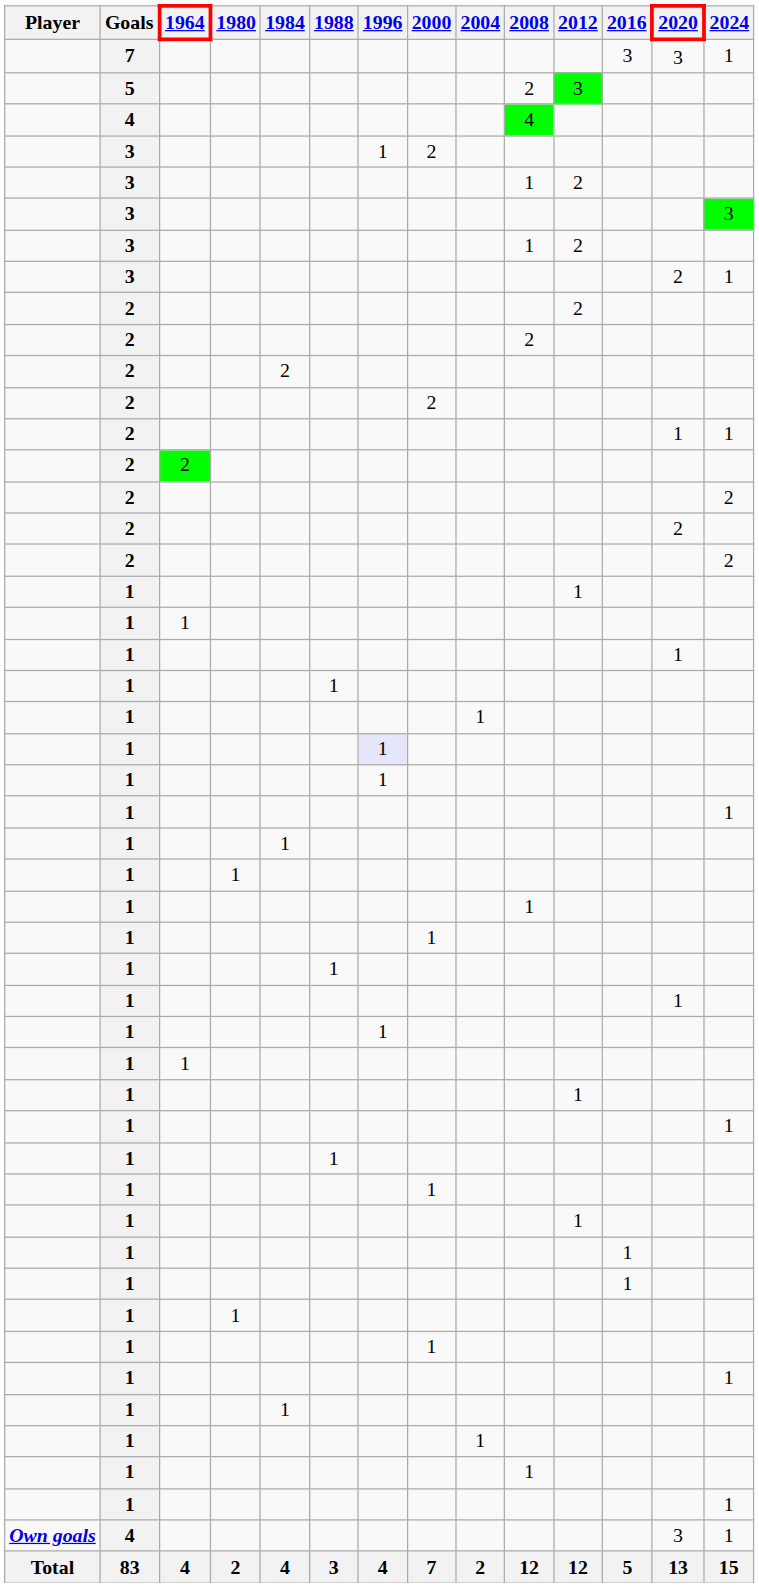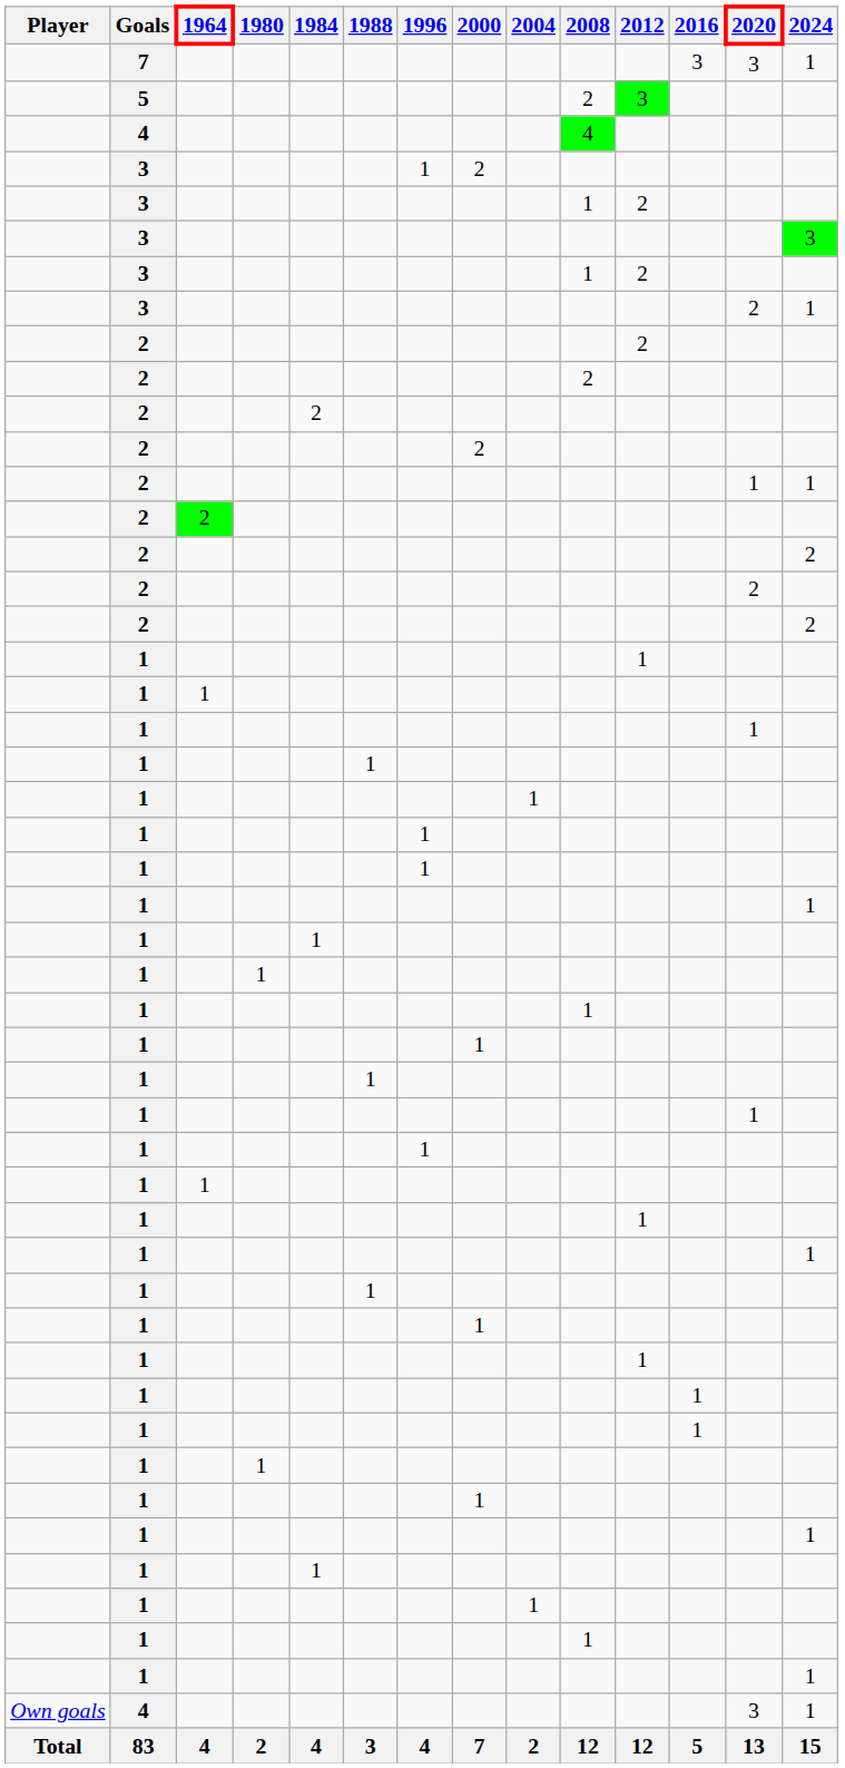 <table class="wikitable sortable" style="text-align:center;">
 <tr>
 <th>Player</th>
 <th>Goals</th>
 <th style="border:3px solid red"><a href='#'>1964</a></th>
 <th><a href='#'>1980</a></th>
 <th><a href='#'>1984</a></th>
 <th><a href='#'>1988</a></th>
 <th><a href='#'>1996</a></th>
 <th><a href='#'>2000</a></th>
 <th><a href='#'>2004</a></th>
 <th><a href='#'>2008</a></th>
 <th><a href='#'>2012</a></th>
 <th><a href='#'>2016</a></th>
 <th style="border:3px solid red"><a href='#'>2020</a></th>
 <th><a href='#'>2024</a></th>
 </tr>
 <tr>
 <td align="left"></td>
 <th>7</th>
 <td></td>
 <td></td>
 <td></td>
 <td></td>
 <td></td>
 <td></td>
 <td></td>
 <td></td>
 <td></td>
 <td>3</td>
 <td>3</td>
 <td>1</td>
 </tr>
 <tr>
 <td align="left"></td>
 <th>5</th>
 <td></td>
 <td></td>
 <td></td>
 <td></td>
 <td></td>
 <td></td>
 <td></td>
 <td>2</td>
 <td style="background:#00FF00">3</td>
 <td></td>
 <td></td>
 <td></td>
 </tr>
 <tr>
 <td align="left"></td>
 <th>4</th>
 <td></td>
 <td></td>
 <td></td>
 <td></td>
 <td></td>
 <td></td>
 <td></td>
 <td style="background:#00FF00">4</td>
 <td></td>
 <td></td>
 <td></td>
 <td></td>
 </tr>
 <tr>
 <td align="left"></td>
 <th>3</th>
 <td></td>
 <td></td>
 <td></td>
 <td></td>
 <td>1</td>
 <td>2</td>
 <td></td>
 <td></td>
 <td></td>
 <td></td>
 <td></td>
 <td></td>
 </tr>
 <tr>
 <td align="left"></td>
 <th>3</th>
 <td></td>
 <td></td>
 <td></td>
 <td></td>
 <td></td>
 <td></td>
 <td></td>
 <td>1</td>
 <td>2</td>
 <td></td>
 <td></td>
 <td></td>
 </tr>
 <tr>
 <td align="left"></td>
 <th>3</th>
 <td></td>
 <td></td>
 <td></td>
 <td></td>
 <td></td>
 <td></td>
 <td></td>
 <td></td>
 <td></td>
 <td></td>
 <td></td>
 <td style="background:#00FF00">3</td>
 </tr>
 <tr>
 <td align="left"></td>
 <th>3</th>
 <td></td>
 <td></td>
 <td></td>
 <td></td>
 <td></td>
 <td></td>
 <td></td>
 <td>1</td>
 <td>2</td>
 <td></td>
 <td></td>
 <td></td>
 </tr>
 <tr>
 <td align="left"></td>
 <th>3</th>
 <td></td>
 <td></td>
 <td></td>
 <td></td>
 <td></td>
 <td></td>
 <td></td>
 <td></td>
 <td></td>
 <td></td>
 <td>2</td>
 <td>1</td>
 </tr>
 <tr>
 <td align="left"></td>
 <th>2</th>
 <td></td>
 <td></td>
 <td></td>
 <td></td>
 <td></td>
 <td></td>
 <td></td>
 <td></td>
 <td>2</td>
 <td></td>
 <td></td>
 <td></td>
 </tr>
 <tr>
 <td align="left"></td>
 <th>2</th>
 <td></td>
 <td></td>
 <td></td>
 <td></td>
 <td></td>
 <td></td>
 <td></td>
 <td>2</td>
 <td></td>
 <td></td>
 <td></td>
 <td></td>
 </tr>
 <tr>
 <td align="left"></td>
 <th>2</th>
 <td></td>
 <td></td>
 <td>2</td>
 <td></td>
 <td></td>
 <td></td>
 <td></td>
 <td></td>
 <td></td>
 <td></td>
 <td></td>
 <td></td>
 </tr>
 <tr>
 <td align="left"></td>
 <th>2</th>
 <td></td>
 <td></td>
 <td></td>
 <td></td>
 <td></td>
 <td>2</td>
 <td></td>
 <td></td>
 <td></td>
 <td></td>
 <td></td>
 <td></td>
 </tr>
 <tr>
 <td align="left"></td>
 <th>2</th>
 <td></td>
 <td></td>
 <td></td>
 <td></td>
 <td></td>
 <td></td>
 <td></td>
 <td></td>
 <td></td>
 <td></td>
 <td>1</td>
 <td>1</td>
 </tr>
 <tr>
 <td align="left"></td>
 <th>2</th>
 <td style="background:#00FF00">2</td>
 <td></td>
 <td></td>
 <td></td>
 <td></td>
 <td></td>
 <td></td>
 <td></td>
 <td></td>
 <td></td>
 <td></td>
 <td></td>
 </tr>
 <tr>
 <td align="left"></td>
 <th>2</th>
 <td></td>
 <td></td>
 <td></td>
 <td></td>
 <td></td>
 <td></td>
 <td></td>
 <td></td>
 <td></td>
 <td></td>
 <td></td>
 <td>2</td>
 </tr>
 <tr>
 <td align="left"></td>
 <th>2</th>
 <td></td>
 <td></td>
 <td></td>
 <td></td>
 <td></td>
 <td></td>
 <td></td>
 <td></td>
 <td></td>
 <td></td>
 <td>2</td>
 <td></td>
 </tr>
 <tr>
 <td align="left"></td>
 <th>2</th>
 <td></td>
 <td></td>
 <td></td>
 <td></td>
 <td></td>
 <td></td>
 <td></td>
 <td></td>
 <td></td>
 <td></td>
 <td></td>
 <td>2</td>
 </tr>
 <tr>
 <td align="left"></td>
 <th>1</th>
 <td></td>
 <td></td>
 <td></td>
 <td></td>
 <td></td>
 <td></td>
 <td></td>
 <td></td>
 <td>1</td>
 <td></td>
 <td></td>
 <td></td>
 </tr>
 <tr>
 <td align="left"></td>
 <th>1</th>
 <td>1</td>
 <td></td>
 <td></td>
 <td></td>
 <td></td>
 <td></td>
 <td></td>
 <td></td>
 <td></td>
 <td></td>
 <td></td>
 <td></td>
 </tr>
 <tr>
 <td align="left"></td>
 <th>1</th>
 <td></td>
 <td></td>
 <td></td>
 <td></td>
 <td></td>
 <td></td>
 <td></td>
 <td></td>
 <td></td>
 <td></td>
 <td>1</td>
 <td></td>
 </tr>
 <tr>
 <td align="left"></td>
 <th>1</th>
 <td></td>
 <td></td>
 <td></td>
 <td>1</td>
 <td></td>
 <td></td>
 <td></td>
 <td></td>
 <td></td>
 <td></td>
 <td></td>
 <td></td>
 </tr>
 <tr>
 <td align="left"></td>
 <th>1</th>
 <td></td>
 <td></td>
 <td></td>
 <td></td>
 <td></td>
 <td></td>
 <td>1</td>
 <td></td>
 <td></td>
 <td></td>
 <td></td>
 <td></td>
 </tr>
 <tr>
 <td align="left"></td>
 <th>1</th>
 <td></td>
 <td></td>
 <td></td>
 <td></td>
-<td style="background: lavender;">1</td>
+<td>1</td>
 <td></td>
 <td></td>
 <td></td>
 <td></td>
 <td></td>
 <td></td>
 <td></td>
 </tr>
 <tr>
 <td align="left"></td>
 <th>1</th>
 <td></td>
 <td></td>
 <td></td>
 <td></td>
 <td>1</td>
 <td></td>
 <td></td>
 <td></td>
 <td></td>
 <td></td>
 <td></td>
 <td></td>
 </tr>
 <tr>
 <td align="left"></td>
 <th>1</th>
 <td></td>
 <td></td>
 <td></td>
 <td></td>
 <td></td>
 <td></td>
 <td></td>
 <td></td>
 <td></td>
 <td></td>
 <td></td>
 <td>1</td>
 </tr>
 <tr>
 <td align="left"></td>
 <th>1</th>
 <td></td>
 <td></td>
 <td>1</td>
 <td></td>
 <td></td>
 <td></td>
 <td></td>
 <td></td>
 <td></td>
 <td></td>
 <td></td>
 <td></td>
 </tr>
 <tr>
 <td align="left"></td>
 <th>1</th>
 <td></td>
 <td>1</td>
 <td></td>
 <td></td>
 <td></td>
 <td></td>
 <td></td>
 <td></td>
 <td></td>
 <td></td>
 <td></td>
 <td></td>
 </tr>
 <tr>
 <td align="left"></td>
 <th>1</th>
 <td></td>
 <td></td>
 <td></td>
 <td></td>
 <td></td>
 <td></td>
 <td></td>
 <td>1</td>
 <td></td>
 <td></td>
 <td></td>
 <td></td>
 </tr>
 <tr>
 <td align="left"></td>
 <th>1</th>
 <td></td>
 <td></td>
 <td></td>
 <td></td>
 <td></td>
 <td>1</td>
 <td></td>
 <td></td>
 <td></td>
 <td></td>
 <td></td>
 <td></td>
 </tr>
 <tr>
 <td align="left"></td>
 <th>1</th>
 <td></td>
 <td></td>
 <td></td>
 <td>1</td>
 <td></td>
 <td></td>
 <td></td>
 <td></td>
 <td></td>
 <td></td>
 <td></td>
 <td></td>
 </tr>
 <tr>
 <td align="left"></td>
 <th>1</th>
 <td></td>
 <td></td>
 <td></td>
 <td></td>
 <td></td>
 <td></td>
 <td></td>
 <td></td>
 <td></td>
 <td></td>
 <td>1</td>
 <td></td>
 </tr>
 <tr>
 <td align="left"></td>
 <th>1</th>
 <td></td>
 <td></td>
 <td></td>
 <td></td>
 <td>1</td>
 <td></td>
 <td></td>
 <td></td>
 <td></td>
 <td></td>
 <td></td>
 <td></td>
 </tr>
 <tr>
 <td align="left"></td>
 <th>1</th>
 <td>1</td>
 <td></td>
 <td></td>
 <td></td>
 <td></td>
 <td></td>
 <td></td>
 <td></td>
 <td></td>
 <td></td>
 <td></td>
 <td></td>
 </tr>
 <tr>
 <td align="left"></td>
 <th>1</th>
 <td></td>
 <td></td>
 <td></td>
 <td></td>
 <td></td>
 <td></td>
 <td></td>
 <td></td>
 <td>1</td>
 <td></td>
 <td></td>
 <td></td>
 </tr>
 <tr>
 <td align="left"></td>
 <th>1</th>
 <td></td>
 <td></td>
 <td></td>
 <td></td>
 <td></td>
 <td></td>
 <td></td>
 <td></td>
 <td></td>
 <td></td>
 <td></td>
 <td>1</td>
 </tr>
 <tr>
 <td align="left"></td>
 <th>1</th>
 <td></td>
 <td></td>
 <td></td>
 <td>1</td>
 <td></td>
 <td></td>
 <td></td>
 <td></td>
 <td></td>
 <td></td>
 <td></td>
 <td></td>
 </tr>
 <tr>
 <td align="left"></td>
 <th>1</th>
 <td></td>
 <td></td>
 <td></td>
 <td></td>
 <td></td>
 <td>1</td>
 <td></td>
 <td></td>
 <td></td>
 <td></td>
 <td></td>
 <td></td>
 </tr>
 <tr>
 <td align="left"></td>
 <th>1</th>
 <td></td>
 <td></td>
 <td></td>
 <td></td>
 <td></td>
 <td></td>
 <td></td>
 <td></td>
 <td>1</td>
 <td></td>
 <td></td>
 <td></td>
 </tr>
 <tr>
 <td align="left"></td>
 <th>1</th>
 <td></td>
 <td></td>
 <td></td>
 <td></td>
 <td></td>
 <td></td>
 <td></td>
 <td></td>
 <td></td>
 <td>1</td>
 <td></td>
 <td></td>
 </tr>
 <tr>
 <td align="left"></td>
 <th>1</th>
 <td></td>
 <td></td>
 <td></td>
 <td></td>
 <td></td>
 <td></td>
 <td></td>
 <td></td>
 <td></td>
 <td>1</td>
 <td></td>
 <td></td>
 </tr>
 <tr>
 <td align="left"></td>
 <th>1</th>
 <td></td>
 <td>1</td>
 <td></td>
 <td></td>
 <td></td>
 <td></td>
 <td></td>
 <td></td>
 <td></td>
 <td></td>
 <td></td>
 <td></td>
 </tr>
 <tr>
 <td align="left"></td>
 <th>1</th>
 <td></td>
 <td></td>
 <td></td>
 <td></td>
 <td></td>
 <td>1</td>
 <td></td>
 <td></td>
 <td></td>
 <td></td>
 <td></td>
 <td></td>
 </tr>
 <tr>
 <td align="left"></td>
 <th>1</th>
 <td></td>
 <td></td>
 <td></td>
 <td></td>
 <td></td>
 <td></td>
 <td></td>
 <td></td>
 <td></td>
 <td></td>
 <td></td>
 <td>1</td>
 </tr>
 <tr>
 <td align="left"></td>
 <th>1</th>
 <td></td>
 <td></td>
 <td>1</td>
 <td></td>
 <td></td>
 <td></td>
 <td></td>
 <td></td>
 <td></td>
 <td></td>
 <td></td>
 <td></td>
 </tr>
 <tr>
 <td align="left"></td>
 <th>1</th>
 <td></td>
 <td></td>
 <td></td>
 <td></td>
 <td></td>
 <td></td>
 <td>1</td>
 <td></td>
 <td></td>
 <td></td>
 <td></td>
 <td></td>
 </tr>
 <tr>
 <td align="left"></td>
 <th>1</th>
 <td></td>
 <td></td>
 <td></td>
 <td></td>
 <td></td>
 <td></td>
 <td></td>
 <td>1</td>
 <td></td>
 <td></td>
 <td></td>
 <td></td>
 </tr>
 <tr>
 <td align="left"></td>
 <th>1</th>
 <td></td>
 <td></td>
 <td></td>
 <td></td>
 <td></td>
 <td></td>
 <td></td>
 <td></td>
 <td></td>
 <td></td>
 <td></td>
 <td>1</td>
 </tr>
 <tr>
-<td align="left"><strong><em><a href='#'>Own goals</a></em></strong></td>
+<td align="left"><em><a href='#'>Own goals</a></em></td>
 <th>4</th>
 <td></td>
 <td></td>
 <td></td>
 <td></td>
 <td></td>
 <td></td>
 <td></td>
 <td></td>
 <td></td>
 <td></td>
 <td>3</td>
 <td>1</td>
 </tr>
 <tr class="sortbottom">
 <th>Total</th>
 <th>83</th>
 <th>4</th>
 <th>2</th>
 <th>4</th>
 <th>3</th>
 <th>4</th>
 <th>7</th>
 <th>2</th>
 <th>12</th>
 <th>12</th>
 <th>5</th>
 <th>13</th>
 <th>15</th>
 </tr>
 </table>
